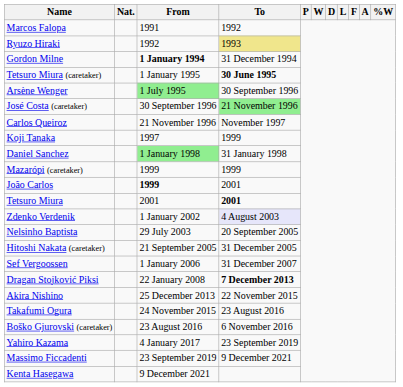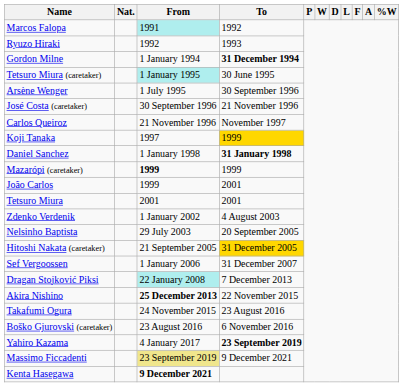 <table class="wikitable sortable" style="text-align: center">
 <tr>
 <th>Name</th>
 <th>Nat.</th>
 <th class="unsortable">From</th>
 <th class="unsortable">To</th>
 <th abbr="TOTAL OF MATCHES PLAYED">P</th>
 <th abbr="MATCHES WON">W</th>
 <th abbr="MATCHES DRAWN">D</th>
 <th abbr="MATCHES LOST">L</th>
 <th abbr="GOALS SCORED">F</th>
 <th abbr="GOAL AGAINST">A</th>
 <th abbr="PERCENTAGE OF MATCHES WON">%W</th>
 </tr>
 <tr>
 <td align="left"><a href='#'>Marcos Falopa</a></td>
 <td align="left"></td>
-<td align="left">1991</td>
+<td align="left" style="background: paleturquoise;">1991</td>
 <td align="left">1992<br></td>
 </tr>
 <tr>
 <td align="left"><a href='#'>Ryuzo Hiraki</a></td>
 <td align="left"></td>
 <td align="left">1992</td>
-<td align="left" style="background: khaki;">1993<br></td>
+<td align="left">1993<br></td>
 </tr>
 <tr>
 <td align="left"><a href='#'>Gordon Milne</a></td>
 <td align="left"></td>
-<td align="left"><strong>1 January 1994</strong></td>
-<td align="left">31 December 1994<br></td>
+<td align="left">1 January 1994</td>
+<td align="left"><strong>31 December 1994<br></strong></td>
 </tr>
 <tr>
 <td align="left"><a href='#'>Tetsuro Miura</a> <small>(caretaker)</small></td>
 <td align="left"></td>
-<td align="left">1 January 1995</td>
-<td align="left"><strong>30 June 1995<br></strong></td>
+<td align="left" style="background: paleturquoise;">1 January 1995</td>
+<td align="left">30 June 1995<br></td>
 </tr>
 <tr>
 <td align="left"><a href='#'>Arsène Wenger</a></td>
 <td align="left"></td>
-<td align="left" style="background: lightgreen;">1 July 1995</td>
+<td align="left">1 July 1995</td>
 <td align="left">30 September 1996<br></td>
 </tr>
 <tr>
 <td align="left"><a href='#'>José Costa</a> <small>(caretaker)</small></td>
 <td align="left"></td>
 <td align="left">30 September 1996</td>
-<td align="left" style="background: lightgreen;">21 November 1996<br></td>
+<td align="left">21 November 1996<br></td>
 </tr>
 <tr>
 <td align="left"><a href='#'>Carlos Queiroz</a></td>
 <td align="left"></td>
 <td align="left">21 November 1996</td>
 <td align="left">November 1997<br></td>
 </tr>
 <tr>
 <td align="left"><a href='#'>Koji Tanaka</a></td>
 <td align="left"></td>
 <td align="left">1997</td>
-<td align="left">1999<br></td>
+<td align="left" style="background: gold;">1999<br></td>
 </tr>
 <tr>
 <td align="left"><a href='#'>Daniel Sanchez</a></td>
 <td align="left"></td>
-<td align="left" style="background: lightgreen;">1 January 1998</td>
-<td align="left">31 January 1998<br></td>
+<td align="left">1 January 1998</td>
+<td align="left"><strong>31 January 1998<br></strong></td>
 </tr>
 <tr>
 <td align="left"><a href='#'>Mazarópi</a> <small>(caretaker)</small></td>
 <td align="left"></td>
-<td align="left">1999</td>
+<td align="left"><strong>1999</strong></td>
 <td align="left">1999<br></td>
 </tr>
 <tr>
 <td align="left"><a href='#'>João Carlos</a></td>
 <td align="left"></td>
-<td align="left"><strong>1999</strong></td>
+<td align="left">1999</td>
 <td align="left">2001<br></td>
 </tr>
 <tr>
 <td align="left"><a href='#'>Tetsuro Miura</a></td>
 <td align="left"></td>
 <td align="left">2001</td>
-<td align="left"><strong>2001<br></strong></td>
+<td align="left">2001<br></td>
 </tr>
 <tr>
 <td align="left"><a href='#'>Zdenko Verdenik</a></td>
 <td align="left"></td>
 <td align="left">1 January 2002</td>
-<td align="left" style="background: lavender;">4 August 2003<br></td>
+<td align="left">4 August 2003<br></td>
 </tr>
 <tr>
 <td align="left"><a href='#'>Nelsinho Baptista</a></td>
 <td align="left"></td>
 <td align="left">29 July 2003</td>
 <td align="left">20 September 2005<br></td>
 </tr>
 <tr>
 <td align="left"><a href='#'>Hitoshi Nakata</a> <small>(caretaker)</small></td>
 <td align="left"></td>
 <td align="left">21 September 2005</td>
-<td align="left">31 December 2005<br></td>
+<td align="left" style="background: gold;">31 December 2005<br></td>
 </tr>
 <tr>
 <td align="left"><a href='#'>Sef Vergoossen</a></td>
 <td align="left"></td>
 <td align="left">1 January 2006</td>
 <td align="left">31 December 2007<br></td>
 </tr>
 <tr>
 <td align="left"><a href='#'>Dragan Stojković Piksi</a></td>
 <td align="left"></td>
-<td align="left">22 January 2008</td>
-<td align="left"><strong>7 December 2013<br></strong></td>
+<td align="left" style="background: paleturquoise;">22 January 2008</td>
+<td align="left">7 December 2013<br></td>
 </tr>
 <tr>
 <td align="left"><a href='#'>Akira Nishino</a></td>
 <td align="left"></td>
-<td align="left">25 December 2013</td>
+<td align="left"><strong>25 December 2013</strong></td>
 <td align="left">22 November 2015<br></td>
 </tr>
 <tr>
 <td align="left"><a href='#'>Takafumi Ogura</a></td>
 <td align="left"></td>
 <td align="left">24 November 2015</td>
 <td align="left">23 August 2016<br></td>
 </tr>
 <tr>
 <td align="left"><a href='#'>Boško Gjurovski</a> <small>(caretaker)</small></td>
 <td align="left"></td>
 <td align="left">23 August 2016</td>
 <td align="left">6 November 2016<br></td>
 </tr>
 <tr>
 <td align="left"><a href='#'>Yahiro Kazama</a></td>
 <td align="left"></td>
 <td align="left">4 January 2017</td>
-<td align="left">23 September 2019 <br></td>
+<td align="left"><strong>23 September 2019 <br></strong></td>
 </tr>
 <tr>
 <td align="left"><a href='#'>Massimo Ficcadenti</a></td>
 <td align="left"></td>
-<td align="left">23 September 2019</td>
+<td align="left" style="background: khaki;">23 September 2019</td>
 <td align="left">9 December 2021<br></td>
 </tr>
 <tr>
 <td align="left"><a href='#'>Kenta Hasegawa</a></td>
 <td align="left"></td>
-<td align="left">9 December 2021</td>
+<td align="left"><strong>9 December 2021</strong></td>
 <td align="left"><br></td>
 </tr>
 </table>
